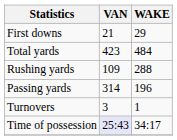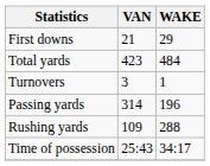 <table class="wikitable" style="float: left;">
 <tr>
 <th>Statistics</th>
 <th>VAN</th>
 <th>WAKE</th>
 </tr>
 <tr>
 <td>First downs</td>
 <td>21</td>
 <td>29</td>
 </tr>
 <tr>
 <td>Total yards</td>
 <td>423</td>
 <td>484</td>
 </tr>
 <tr>
-<td>Rushing yards</td>
-<td>109</td>
-<td>288</td>
+<td>Turnovers</td>
+<td>3</td>
+<td>1</td>
 </tr>
 <tr>
 <td>Passing yards</td>
 <td>314</td>
 <td>196</td>
 </tr>
 <tr>
-<td>Turnovers</td>
-<td>3</td>
-<td>1</td>
+<td>Rushing yards</td>
+<td>109</td>
+<td>288</td>
 </tr>
 <tr>
 <td>Time of possession</td>
-<td style="background: lavender;">25:43</td>
+<td>25:43</td>
 <td>34:17</td>
 </tr>
 <tr>
 </tr>
 </table>
